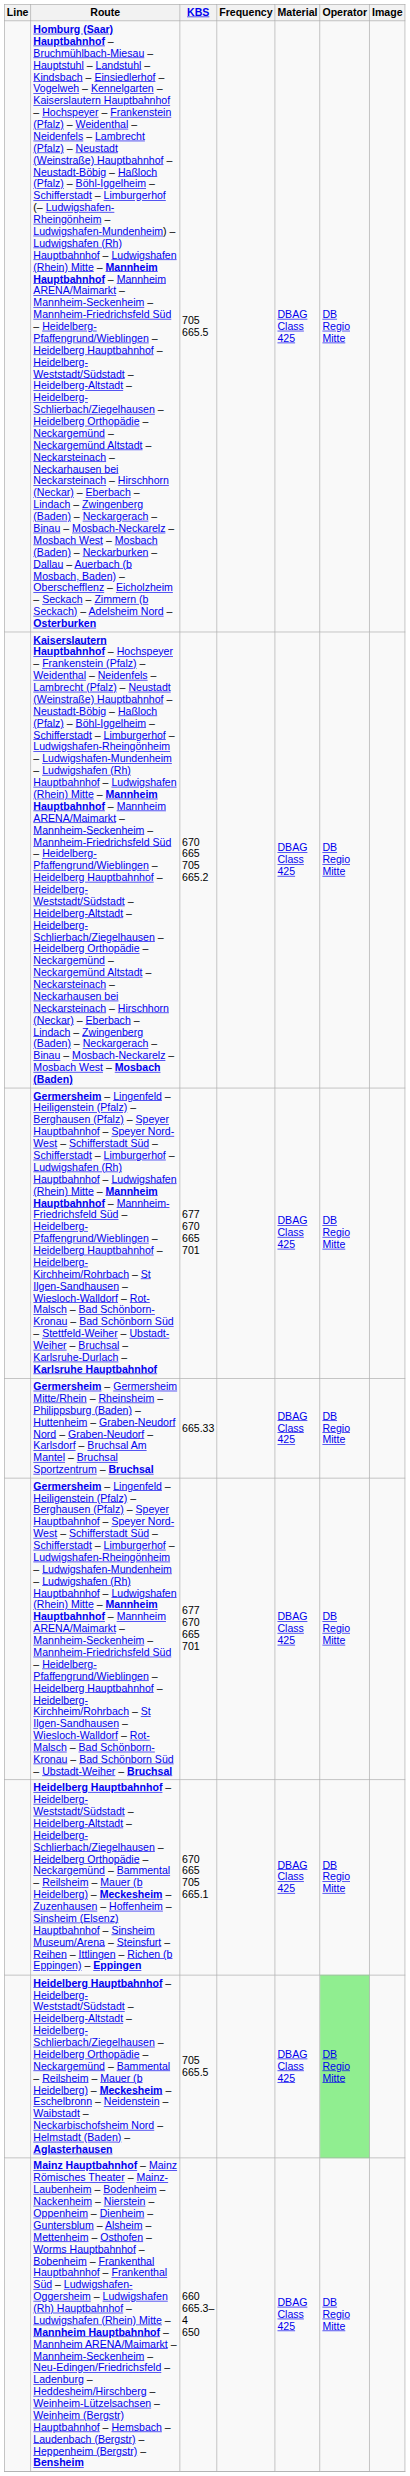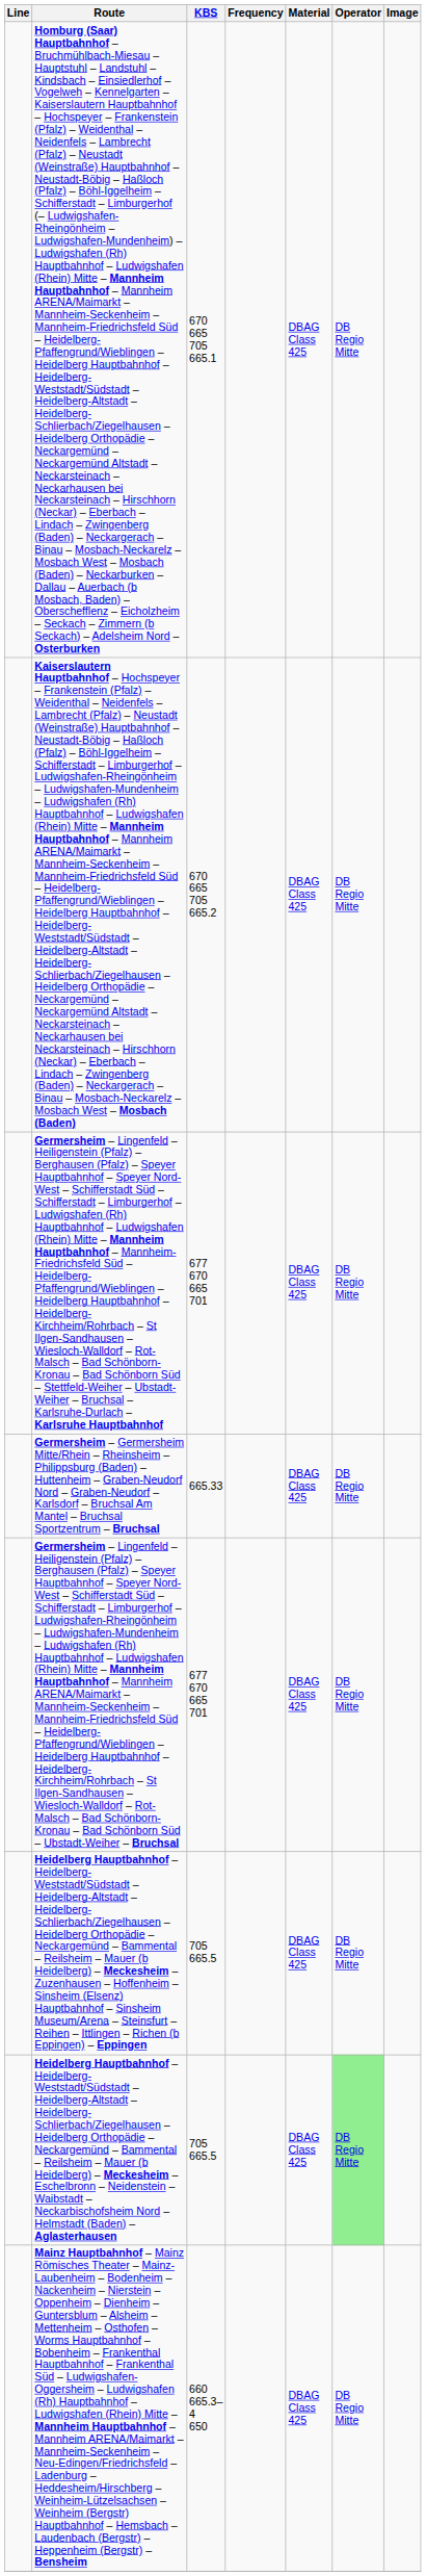 <table class="wikitable sortable" style>
 <tr>
 <th>Line</th>
 <th>Route</th>
 <th><a href='#'>KBS</a></th>
 <th>Frequency</th>
 <th>Material</th>
 <th>Operator</th>
 <th>Image</th>
 </tr>
 <tr>
 <td align="center"></td>
 <td><strong><a href='#'>Homburg (Saar) Hauptbahnhof</a></strong> – <a href='#'>Bruchmühlbach-Miesau</a> – <a href='#'>Hauptstuhl</a> – <a href='#'>Landstuhl</a> – <a href='#'>Kindsbach</a> – <a href='#'>Einsiedlerhof</a> – <a href='#'>Vogelweh</a> – <a href='#'>Kennelgarten</a> – <a href='#'>Kaiserslautern Hauptbahnhof</a> – <a href='#'>Hochspeyer</a> – <a href='#'>Frankenstein (Pfalz)</a> – <a href='#'>Weidenthal</a> – <a href='#'>Neidenfels</a> – <a href='#'>Lambrecht (Pfalz)</a> – <a href='#'>Neustadt (Weinstraße) Hauptbahnhof</a> – <a href='#'>Neustadt-Böbig</a> – <a href='#'>Haßloch (Pfalz)</a> – <a href='#'>Böhl-Iggelheim</a> – <a href='#'>Schifferstadt</a> – <a href='#'>Limburgerhof</a> (– <a href='#'>Ludwigshafen-Rheingönheim</a> – <a href='#'>Ludwigshafen-Mundenheim</a>) – <a href='#'>Ludwigshafen (Rh) Hauptbahnhof</a> – <a href='#'>Ludwigshafen (Rhein) Mitte</a> – <strong><a href='#'>Mannheim Hauptbahnhof</a></strong> – <a href='#'>Mannheim ARENA/Maimarkt</a> – <a href='#'>Mannheim-Seckenheim</a> – <a href='#'>Mannheim-Friedrichsfeld Süd</a> – <a href='#'>Heidelberg-Pfaffengrund/Wieblingen</a> – <a href='#'>Heidelberg Hauptbahnhof</a> – <a href='#'>Heidelberg-Weststadt/Südstadt</a> – <a href='#'>Heidelberg-Altstadt</a> – <a href='#'>Heidelberg-Schlierbach/Ziegelhausen</a> – <a href='#'>Heidelberg Orthopädie</a> – <a href='#'>Neckargemünd</a> – <a href='#'>Neckargemünd Altstadt</a> – <a href='#'>Neckarsteinach</a> – <a href='#'>Neckarhausen bei Neckarsteinach</a> – <a href='#'>Hirschhorn (Neckar)</a> – <a href='#'>Eberbach</a> – <a href='#'>Lindach</a> – <a href='#'>Zwingenberg (Baden)</a> – <a href='#'>Neckargerach</a> – <a href='#'>Binau</a> – <a href='#'>Mosbach-Neckarelz</a> – <a href='#'>Mosbach West</a> – <a href='#'>Mosbach (Baden)</a> – <a href='#'>Neckarburken</a> – <a href='#'>Dallau</a> – <a href='#'>Auerbach (b Mosbach, Baden)</a> – <a href='#'>Oberschefflenz</a> – <a href='#'>Eicholzheim</a> – <a href='#'>Seckach</a> – <a href='#'>Zimmern (b Seckach)</a> – <a href='#'>Adelsheim Nord</a> – <strong><a href='#'>Osterburken</a></strong></td>
-<td>705<br>665.5</td>
+<td>670<br>665<br>705<br>665.1</td>
 <td></td>
 <td><a href='#'>DBAG Class 425</a></td>
 <td><a href='#'>DB Regio Mitte</a></td>
 <td></td>
 </tr>
 <tr>
 <td align="center"></td>
 <td><strong><a href='#'>Kaiserslautern Hauptbahnhof</a></strong> – <a href='#'>Hochspeyer</a> – <a href='#'>Frankenstein (Pfalz)</a> – <a href='#'>Weidenthal</a> – <a href='#'>Neidenfels</a> – <a href='#'>Lambrecht (Pfalz)</a> – <a href='#'>Neustadt (Weinstraße) Hauptbahnhof</a> – <a href='#'>Neustadt-Böbig</a> – <a href='#'>Haßloch (Pfalz)</a> – <a href='#'>Böhl-Iggelheim</a> – <a href='#'>Schifferstadt</a> – <a href='#'>Limburgerhof</a> – <a href='#'>Ludwigshafen-Rheingönheim</a> – <a href='#'>Ludwigshafen-Mundenheim</a> – <a href='#'>Ludwigshafen (Rh) Hauptbahnhof</a> – <a href='#'>Ludwigshafen (Rhein) Mitte</a> – <strong><a href='#'>Mannheim Hauptbahnhof</a></strong> – <a href='#'>Mannheim ARENA/Maimarkt</a> – <a href='#'>Mannheim-Seckenheim</a> – <a href='#'>Mannheim-Friedrichsfeld Süd</a> – <a href='#'>Heidelberg-Pfaffengrund/Wieblingen</a> – <a href='#'>Heidelberg Hauptbahnhof</a> – <a href='#'>Heidelberg-Weststadt/Südstadt</a> – <a href='#'>Heidelberg-Altstadt</a> – <a href='#'>Heidelberg-Schlierbach/Ziegelhausen</a> – <a href='#'>Heidelberg Orthopädie</a> – <a href='#'>Neckargemünd</a> – <a href='#'>Neckargemünd Altstadt</a> – <a href='#'>Neckarsteinach</a> – <a href='#'>Neckarhausen bei Neckarsteinach</a> – <a href='#'>Hirschhorn (Neckar)</a> – <a href='#'>Eberbach</a> – <a href='#'>Lindach</a> – <a href='#'>Zwingenberg (Baden)</a> – <a href='#'>Neckargerach</a> – <a href='#'>Binau</a> – <a href='#'>Mosbach-Neckarelz</a> – <a href='#'>Mosbach West</a> – <strong><a href='#'>Mosbach (Baden)</a></strong></td>
 <td>670<br>665<br>705<br>665.2</td>
 <td></td>
 <td><a href='#'>DBAG Class 425</a></td>
 <td><a href='#'>DB Regio Mitte</a></td>
 <td></td>
 </tr>
 <tr>
 <td align="center"></td>
 <td><strong><a href='#'>Germersheim</a></strong> – <a href='#'>Lingenfeld</a> – <a href='#'>Heiligenstein (Pfalz)</a> – <a href='#'>Berghausen (Pfalz)</a> – <a href='#'>Speyer Hauptbahnhof</a> – <a href='#'>Speyer Nord-West</a> – <a href='#'>Schifferstadt Süd</a> – <a href='#'>Schifferstadt</a> – <a href='#'>Limburgerhof</a> – <a href='#'>Ludwigshafen (Rh) Hauptbahnhof</a> – <a href='#'>Ludwigshafen (Rhein) Mitte</a> – <strong><a href='#'>Mannheim Hauptbahnhof</a></strong> – <a href='#'>Mannheim-Friedrichsfeld Süd</a> – <a href='#'>Heidelberg-Pfaffengrund/Wieblingen</a> – <a href='#'>Heidelberg Hauptbahnhof</a> – <a href='#'>Heidelberg-Kirchheim/Rohrbach</a> – <a href='#'>St Ilgen-Sandhausen</a> – <a href='#'>Wiesloch-Walldorf</a> – <a href='#'>Rot-Malsch</a> – <a href='#'>Bad Schönborn-Kronau</a> – <a href='#'>Bad Schönborn Süd</a> – <a href='#'>Stettfeld-Weiher</a> – <a href='#'>Ubstadt-Weiher</a> – <a href='#'>Bruchsal</a> – <a href='#'>Karlsruhe-Durlach</a> – <strong><a href='#'>Karlsruhe Hauptbahnhof</a></strong></td>
 <td>677<br>670<br>665<br>701</td>
 <td></td>
 <td><a href='#'>DBAG Class 425</a></td>
 <td><a href='#'>DB Regio Mitte</a></td>
 <td></td>
 </tr>
 <tr>
 <td align="center"></td>
 <td><strong><a href='#'>Germersheim</a></strong> – <a href='#'>Germersheim Mitte/Rhein</a> – <a href='#'>Rheinsheim</a> – <a href='#'>Philippsburg (Baden)</a> – <a href='#'>Huttenheim</a> – <a href='#'>Graben-Neudorf Nord</a> – <a href='#'>Graben-Neudorf</a> – <a href='#'>Karlsdorf</a> – <a href='#'>Bruchsal Am Mantel</a> – <a href='#'>Bruchsal Sportzentrum</a> – <strong><a href='#'>Bruchsal</a></strong></td>
 <td>665.33</td>
 <td></td>
 <td><a href='#'>DBAG Class 425</a></td>
 <td><a href='#'>DB Regio Mitte</a></td>
 <td></td>
 </tr>
 <tr>
 <td align="center"></td>
 <td><strong><a href='#'>Germersheim</a></strong> – <a href='#'>Lingenfeld</a> – <a href='#'>Heiligenstein (Pfalz)</a> – <a href='#'>Berghausen (Pfalz)</a> – <a href='#'>Speyer Hauptbahnhof</a> – <a href='#'>Speyer Nord-West</a> – <a href='#'>Schifferstadt Süd</a> – <a href='#'>Schifferstadt</a> – <a href='#'>Limburgerhof</a> – <a href='#'>Ludwigshafen-Rheingönheim</a> – <a href='#'>Ludwigshafen-Mundenheim</a> – <a href='#'>Ludwigshafen (Rh) Hauptbahnhof</a> – <a href='#'>Ludwigshafen (Rhein) Mitte</a> – <strong><a href='#'>Mannheim Hauptbahnhof</a></strong> – <a href='#'>Mannheim ARENA/Maimarkt</a> – <a href='#'>Mannheim-Seckenheim</a> – <a href='#'>Mannheim-Friedrichsfeld Süd</a> – <a href='#'>Heidelberg-Pfaffengrund/Wieblingen</a> – <a href='#'>Heidelberg Hauptbahnhof</a> – <a href='#'>Heidelberg-Kirchheim/Rohrbach</a> – <a href='#'>St Ilgen-Sandhausen</a> – <a href='#'>Wiesloch-Walldorf</a> – <a href='#'>Rot-Malsch</a> – <a href='#'>Bad Schönborn-Kronau</a> – <a href='#'>Bad Schönborn Süd</a> – <a href='#'>Ubstadt-Weiher</a> – <strong><a href='#'>Bruchsal</a></strong></td>
 <td>677<br>670<br>665<br>701</td>
 <td></td>
 <td><a href='#'>DBAG Class 425</a></td>
 <td><a href='#'>DB Regio Mitte</a></td>
 <td></td>
 </tr>
 <tr>
 <td align="center"></td>
 <td><strong><a href='#'>Heidelberg Hauptbahnhof</a></strong> – <a href='#'>Heidelberg-Weststadt/Südstadt</a> – <a href='#'>Heidelberg-Altstadt</a> – <a href='#'>Heidelberg-Schlierbach/Ziegelhausen</a> – <a href='#'>Heidelberg Orthopädie</a> – <a href='#'>Neckargemünd</a> – <a href='#'>Bammental</a>  – <a href='#'>Reilsheim</a> – <a href='#'>Mauer (b Heidelberg)</a> – <strong><a href='#'>Meckesheim</a></strong> – <a href='#'>Zuzenhausen</a> – <a href='#'>Hoffenheim</a> – <a href='#'>Sinsheim (Elsenz) Hauptbahnhof</a> – <a href='#'>Sinsheim Museum/Arena</a> – <a href='#'>Steinsfurt</a> – <a href='#'>Reihen</a> – <a href='#'>Ittlingen</a> – <a href='#'>Richen (b Eppingen)</a> – <strong><a href='#'>Eppingen</a></strong></td>
-<td>670<br>665<br>705<br>665.1</td>
+<td>705<br>665.5</td>
 <td></td>
 <td><a href='#'>DBAG Class 425</a></td>
 <td><a href='#'>DB Regio Mitte</a></td>
 <td></td>
 </tr>
 <tr>
 <td align="center"></td>
 <td><strong><a href='#'>Heidelberg Hauptbahnhof</a></strong> – <a href='#'>Heidelberg-Weststadt/Südstadt</a> – <a href='#'>Heidelberg-Altstadt</a> – <a href='#'>Heidelberg-Schlierbach/Ziegelhausen</a> – <a href='#'>Heidelberg Orthopädie</a> – <a href='#'>Neckargemünd</a> – <a href='#'>Bammental</a>  – <a href='#'>Reilsheim</a> – <a href='#'>Mauer (b Heidelberg)</a> – <strong><a href='#'>Meckesheim</a></strong> – <a href='#'>Eschelbronn</a> – <a href='#'>Neidenstein</a> – <a href='#'>Waibstadt</a> – <a href='#'>Neckarbischofsheim Nord</a> – <a href='#'>Helmstadt (Baden)</a> – <strong><a href='#'>Aglasterhausen</a></strong></td>
 <td>705<br>665.5</td>
 <td></td>
 <td><a href='#'>DBAG Class 425</a></td>
 <td style="background: lightgreen;"><a href='#'>DB Regio Mitte</a></td>
 <td></td>
 </tr>
 <tr>
 <td align="center"></td>
 <td><strong><a href='#'>Mainz Hauptbahnhof</a></strong> – <a href='#'>Mainz Römisches Theater</a> – <a href='#'>Mainz-Laubenheim</a> – <a href='#'>Bodenheim</a> – <a href='#'>Nackenheim</a> – <a href='#'>Nierstein</a> – <a href='#'>Oppenheim</a> – <a href='#'>Dienheim</a> – <a href='#'>Guntersblum</a> – <a href='#'>Alsheim</a> – <a href='#'>Mettenheim</a> – <a href='#'>Osthofen</a> – <a href='#'>Worms Hauptbahnhof</a> – <a href='#'>Bobenheim</a> – <a href='#'>Frankenthal Hauptbahnhof</a> – <a href='#'>Frankenthal Süd</a> – <a href='#'>Ludwigshafen-Oggersheim</a> – <a href='#'>Ludwigshafen (Rh) Hauptbahnhof</a> – <a href='#'>Ludwigshafen (Rhein) Mitte</a> – <strong><a href='#'>Mannheim Hauptbahnhof</a></strong> – <a href='#'>Mannheim ARENA/Maimarkt</a> – <a href='#'>Mannheim-Seckenheim</a> – <a href='#'>Neu-Edingen/Friedrichsfeld</a> – <a href='#'>Ladenburg</a> – <a href='#'>Heddesheim/Hirschberg</a> – <a href='#'>Weinheim-Lützelsachsen</a> – <a href='#'>Weinheim (Bergstr) Hauptbahnhof</a> – <a href='#'>Hemsbach</a> – <a href='#'>Laudenbach (Bergstr)</a> – <a href='#'>Heppenheim (Bergstr)</a> – <strong><a href='#'>Bensheim</a></strong></td>
 <td>660<br>665.3–4<br>650</td>
 <td></td>
 <td><a href='#'>DBAG Class 425</a></td>
 <td><a href='#'>DB Regio Mitte</a></td>
 <td></td>
 </tr>
 <tr>
 </tr>
 </table>
